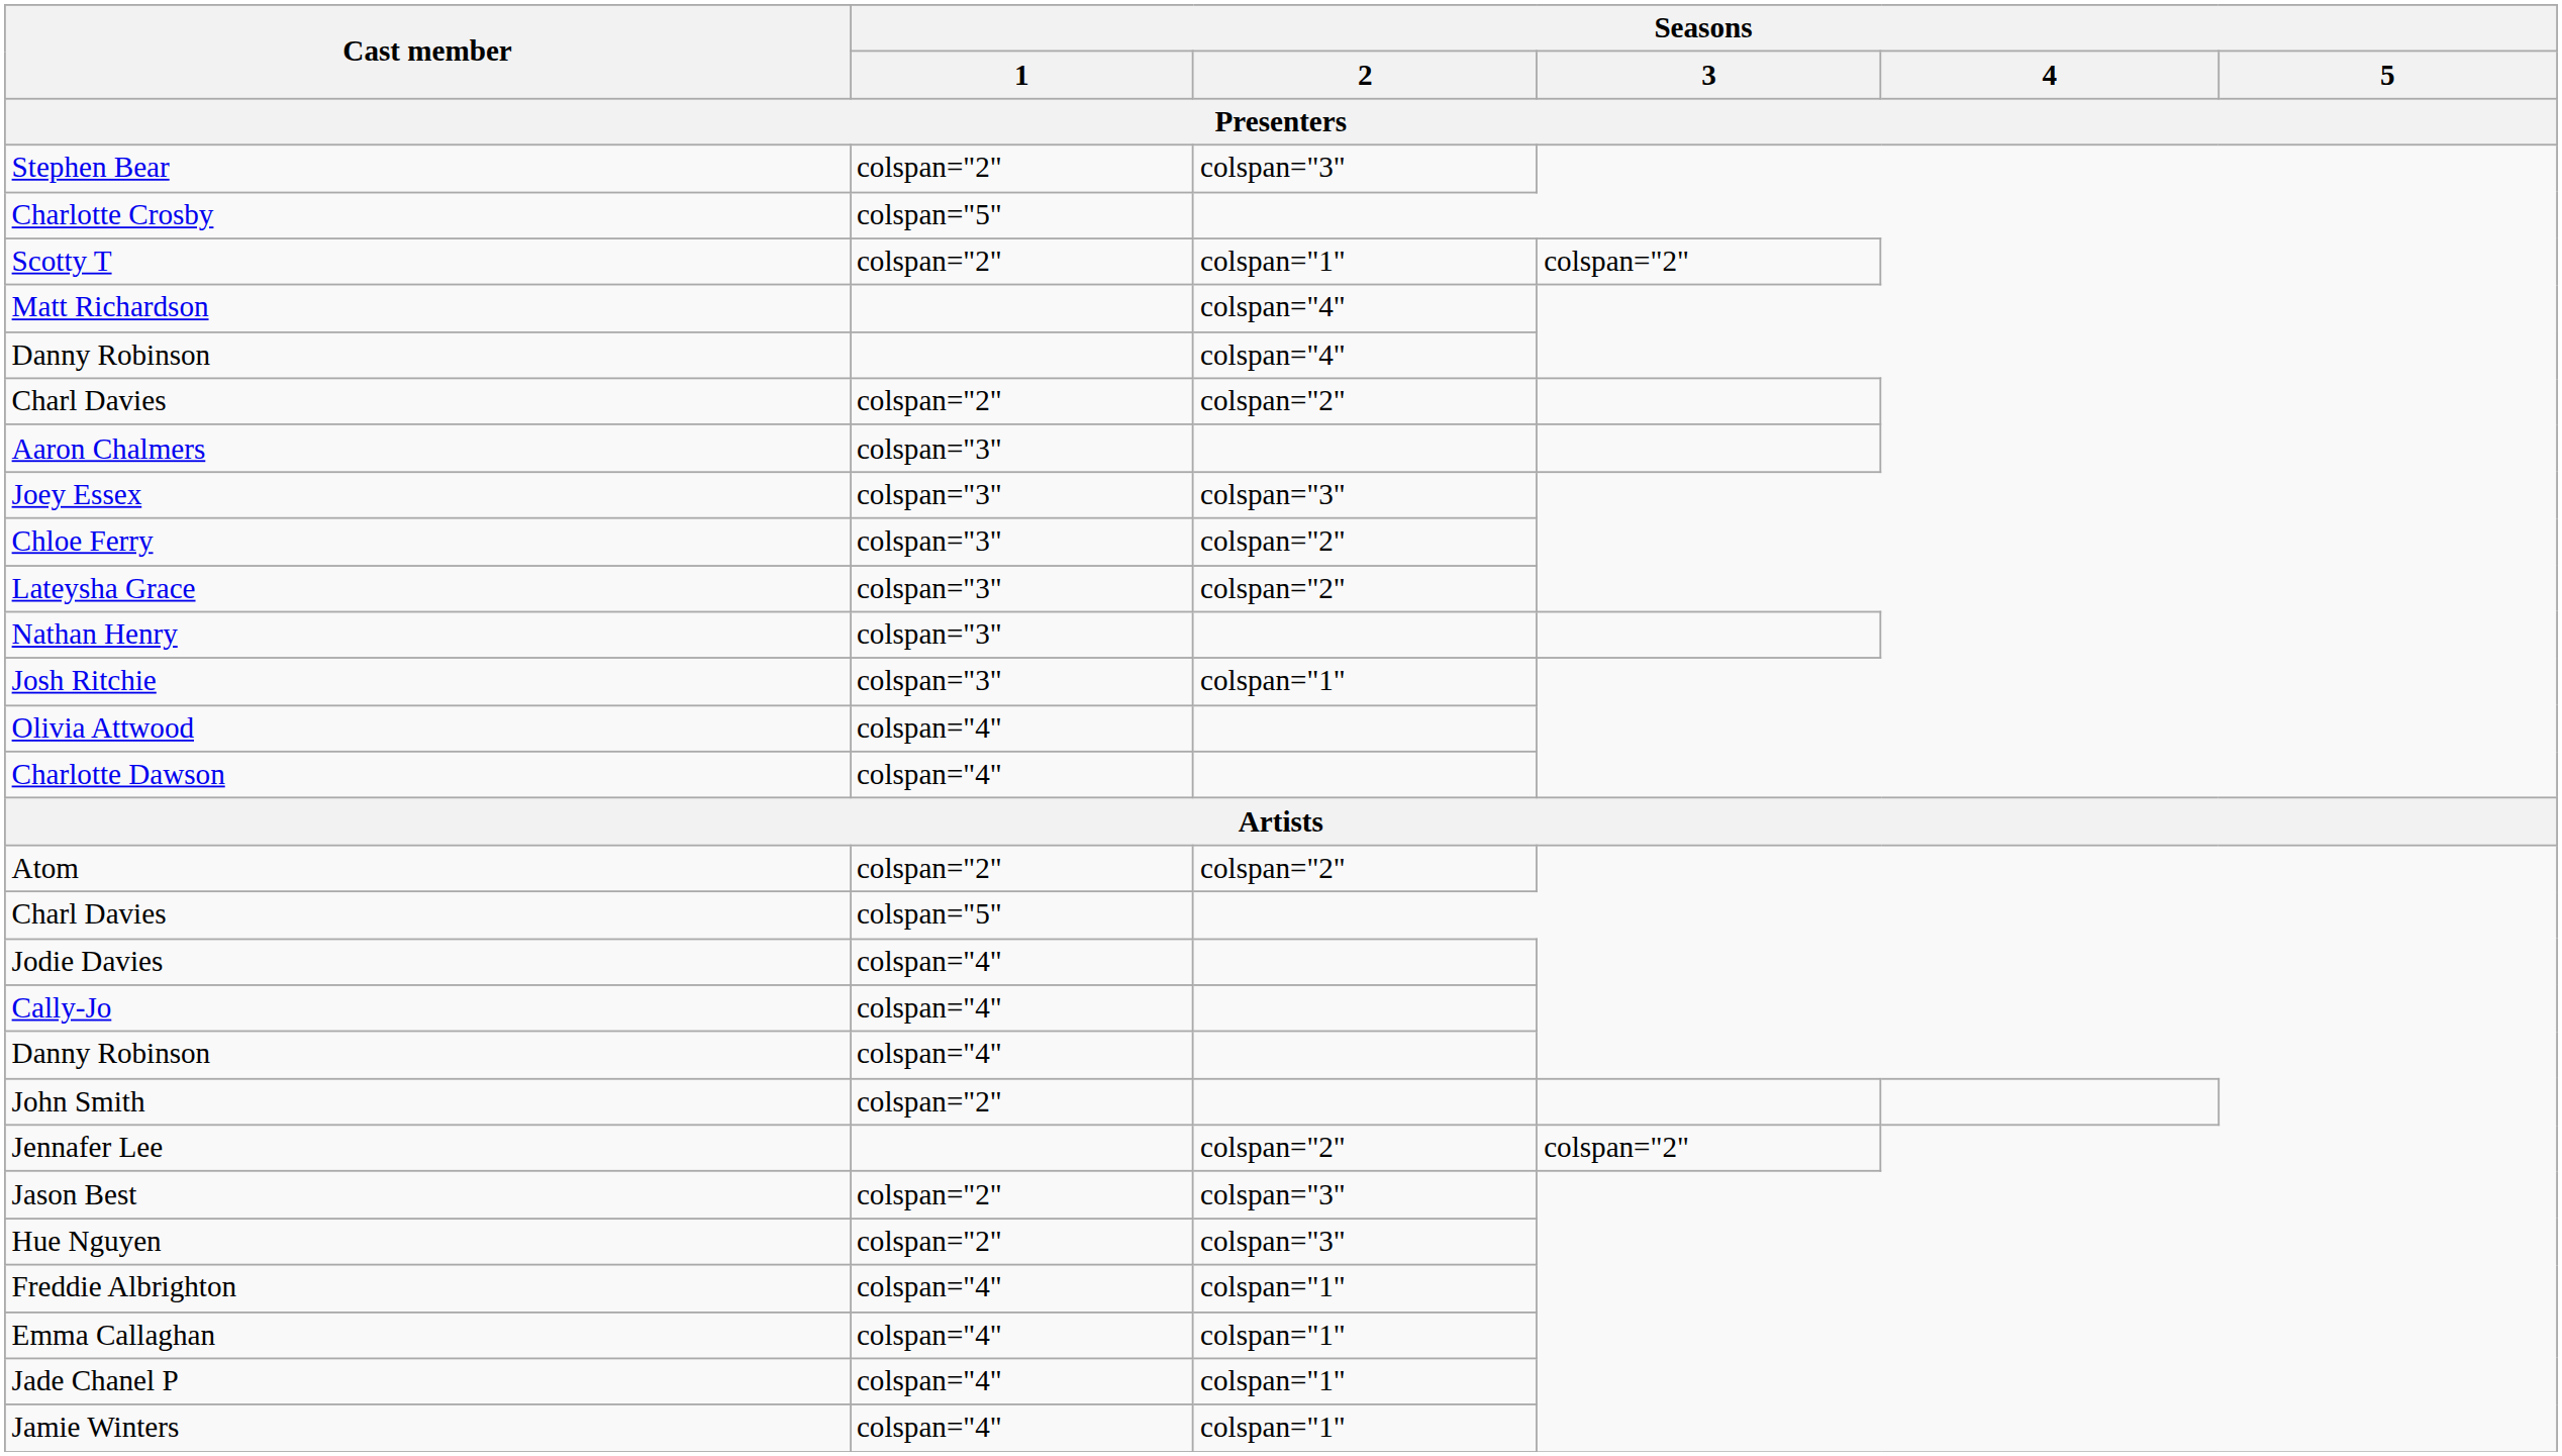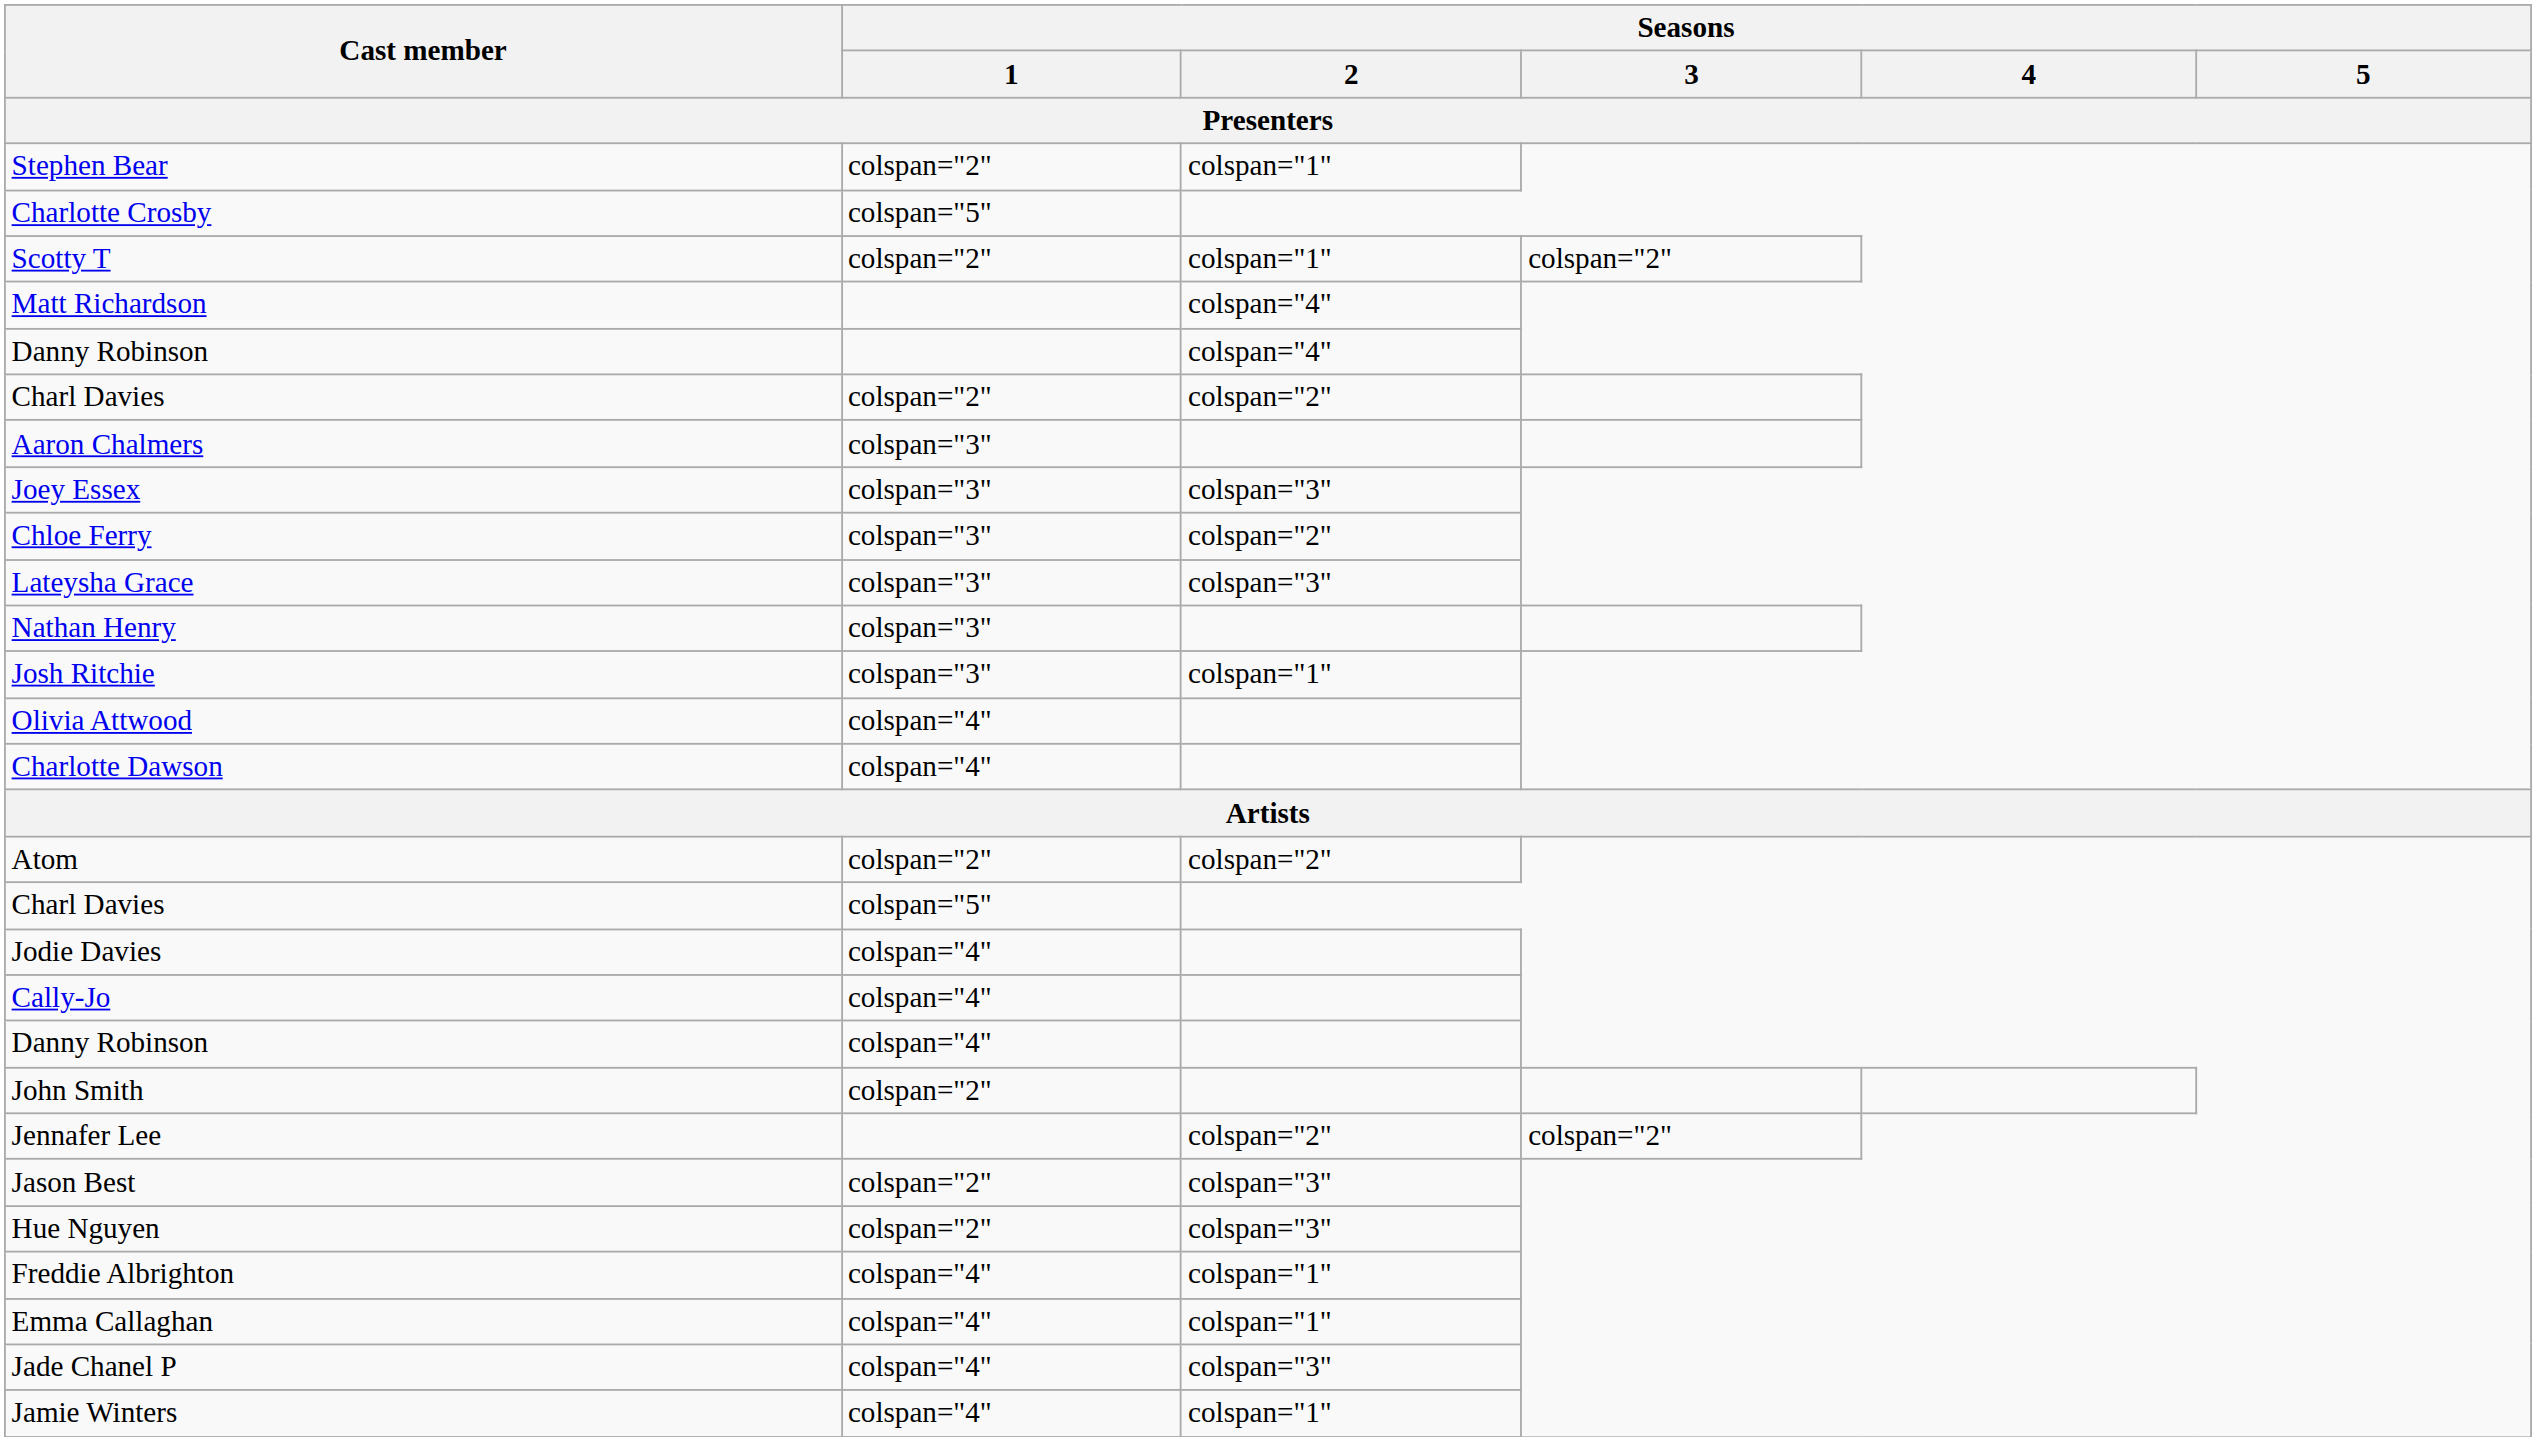 <table class="wikitable" style="width:70%;">
 <tr>
 <th scope="col" rowspan="2" style="width:15%;">Cast member</th>
 <th scope="col" colspan="5">Seasons</th>
 </tr>
 <tr>
 <th style="width:6%;">1</th>
 <th style="width:6%;">2</th>
 <th style="width:6%;">3</th>
 <th style="width:6%;">4</th>
 <th style="width:6%;">5</th>
 </tr>
 <tr>
 <th colspan="6" scope="col" style="width:30%;">Presenters</th>
 </tr>
 <tr>
 <td><a href='#'>Stephen Bear</a></td>
 <td>colspan="2" </td>
-<td>colspan="3" </td>
+<td>colspan="1" </td>
 </tr>
 <tr>
 <td><a href='#'>Charlotte Crosby</a></td>
 <td>colspan="5" </td>
 </tr>
 <tr>
 <td><a href='#'>Scotty T</a></td>
 <td>colspan="2" </td>
 <td>colspan="1" </td>
 <td>colspan="2" </td>
 </tr>
 <tr>
 <td><a href='#'>Matt Richardson</a></td>
 <td></td>
 <td>colspan="4" </td>
 </tr>
 <tr>
 <td>Danny Robinson</td>
 <td></td>
 <td>colspan="4" </td>
 </tr>
 <tr>
 <td>Charl Davies</td>
 <td>colspan="2" </td>
 <td>colspan="2" </td>
 <td></td>
 </tr>
 <tr>
 <td><a href='#'>Aaron Chalmers</a></td>
 <td>colspan="3" </td>
 <td></td>
 <td></td>
 </tr>
 <tr>
 <td><a href='#'>Joey Essex</a></td>
 <td>colspan="3" </td>
 <td>colspan="3" </td>
 </tr>
 <tr>
 <td><a href='#'>Chloe Ferry</a></td>
 <td>colspan="3" </td>
 <td>colspan="2" </td>
 </tr>
 <tr>
 <td><a href='#'>Lateysha Grace</a></td>
 <td>colspan="3" </td>
-<td>colspan="2" </td>
+<td>colspan="3" </td>
 </tr>
 <tr>
 <td><a href='#'>Nathan Henry</a></td>
 <td>colspan="3" </td>
 <td></td>
 <td></td>
 </tr>
 <tr>
 <td><a href='#'>Josh Ritchie</a></td>
 <td>colspan="3" </td>
 <td>colspan="1" </td>
 </tr>
 <tr>
 <td><a href='#'>Olivia Attwood</a></td>
 <td>colspan="4" </td>
 <td></td>
 </tr>
 <tr>
 <td nowrap><a href='#'>Charlotte Dawson</a></td>
 <td>colspan="4" </td>
 <td></td>
 </tr>
 <tr>
 <th colspan="6" scope="col" style="width:30%;">Artists</th>
 </tr>
 <tr>
 <td>Atom</td>
 <td>colspan="2" </td>
 <td>colspan="2" </td>
 </tr>
 <tr>
 <td>Charl Davies</td>
 <td>colspan="5" </td>
 </tr>
 <tr>
 <td>Jodie Davies</td>
 <td>colspan="4" </td>
 <td></td>
 </tr>
 <tr>
 <td><a href='#'>Cally-Jo</a></td>
 <td>colspan="4" </td>
 <td></td>
 </tr>
 <tr>
 <td>Danny Robinson</td>
 <td>colspan="4" </td>
 <td></td>
 </tr>
 <tr>
 <td>John Smith</td>
 <td>colspan="2" </td>
 <td></td>
 <td></td>
 <td></td>
 </tr>
 <tr>
 <td>Jennafer Lee</td>
 <td></td>
 <td>colspan="2" </td>
 <td>colspan="2" </td>
 </tr>
 <tr>
 <td>Jason Best</td>
 <td>colspan="2" </td>
 <td>colspan="3" </td>
 </tr>
 <tr>
 <td>Hue Nguyen</td>
 <td>colspan="2" </td>
 <td>colspan="3" </td>
 </tr>
 <tr>
 <td nowrap>Freddie Albrighton</td>
 <td>colspan="4" </td>
 <td>colspan="1" </td>
 </tr>
 <tr>
 <td>Emma Callaghan</td>
 <td>colspan="4" </td>
 <td>colspan="1" </td>
 </tr>
 <tr>
 <td>Jade Chanel P</td>
 <td>colspan="4" </td>
-<td>colspan="1" </td>
+<td>colspan="3" </td>
 </tr>
 <tr>
 <td>Jamie Winters</td>
 <td>colspan="4" </td>
 <td>colspan="1" </td>
 </tr>
 <tr>
 </tr>
 </table>
